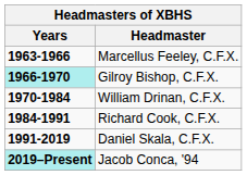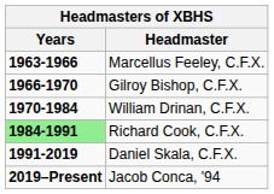 <table class="wikitable" style="margin-right:16pt;margin-top:2pt;">
 <tr>
 <th colspan=3>Headmasters of XBHS</th>
 </tr>
 <tr>
 <th><strong>Years</strong></th>
 <th><strong>Headmaster</strong></th>
 </tr>
 <tr>
 <td><strong>1963-1966</strong></td>
 <td>Marcellus Feeley, C.F.X.</td>
 </tr>
 <tr>
-<td style="background: paleturquoise;"><strong>1966-1970</strong></td>
+<td><strong>1966-1970</strong></td>
 <td>Gilroy Bishop, C.F.X.</td>
 </tr>
 <tr>
 <td><strong>1970-1984</strong></td>
 <td>William Drinan, C.F.X.</td>
 </tr>
 <tr>
-<td><strong>1984-1991</strong></td>
+<td style="background: lightgreen;"><strong>1984-1991</strong></td>
 <td>Richard Cook, C.F.X.</td>
 </tr>
 <tr>
 <td><strong>1991-2019</strong></td>
 <td>Daniel Skala, C.F.X.</td>
 </tr>
 <tr>
-<td style="background: paleturquoise;"><strong>2019–Present</strong></td>
+<td><strong>2019–Present</strong></td>
 <td>Jacob Conca, '94</td>
 </tr>
 </table>
